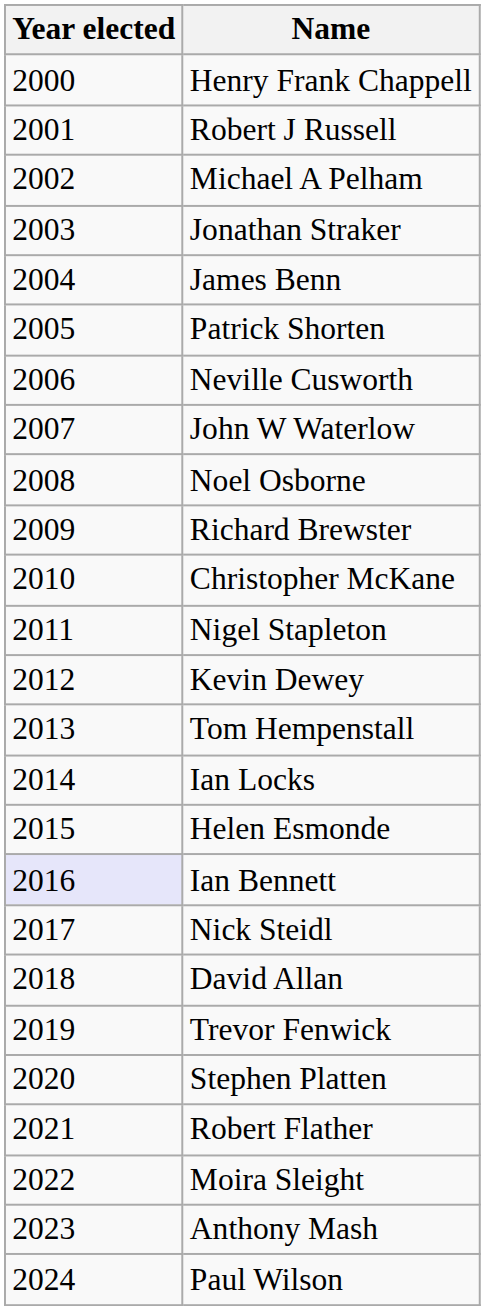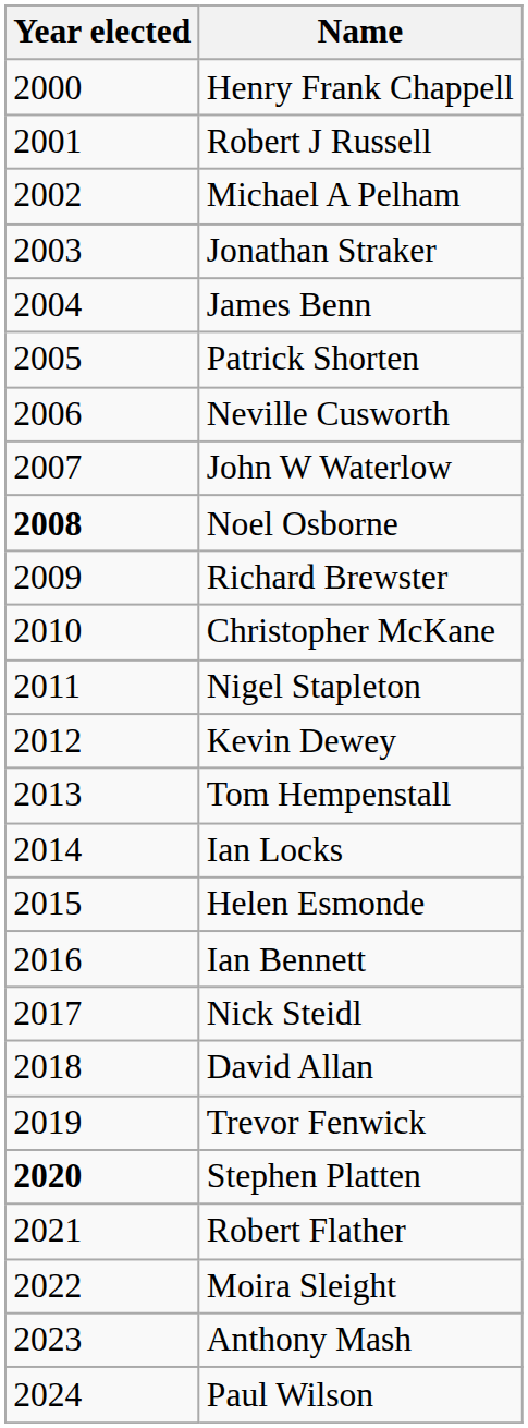 <table class="wikitable sortable">
 <tr>
 <th>Year elected</th>
 <th>Name</th>
 </tr>
 <tr>
 <td>2000</td>
 <td>Henry Frank Chappell</td>
 </tr>
 <tr>
 <td>2001</td>
 <td>Robert J Russell</td>
 </tr>
 <tr>
 <td>2002</td>
 <td>Michael A Pelham</td>
 </tr>
 <tr>
 <td>2003</td>
 <td>Jonathan Straker</td>
 </tr>
 <tr>
 <td>2004</td>
 <td>James Benn</td>
 </tr>
 <tr>
 <td>2005</td>
 <td>Patrick Shorten</td>
 </tr>
 <tr>
 <td>2006</td>
 <td>Neville Cusworth</td>
 </tr>
 <tr>
 <td>2007</td>
 <td>John W Waterlow</td>
 </tr>
 <tr>
-<td>2008</td>
+<td><strong>2008</strong></td>
 <td>Noel Osborne</td>
 </tr>
 <tr>
 <td>2009</td>
 <td>Richard Brewster</td>
 </tr>
 <tr>
 <td>2010</td>
 <td>Christopher McKane</td>
 </tr>
 <tr>
 <td>2011</td>
 <td>Nigel Stapleton</td>
 </tr>
 <tr>
 <td>2012</td>
 <td>Kevin Dewey</td>
 </tr>
 <tr>
 <td>2013</td>
 <td>Tom Hempenstall</td>
 </tr>
 <tr>
 <td>2014</td>
 <td>Ian Locks</td>
 </tr>
 <tr>
 <td>2015</td>
 <td>Helen Esmonde</td>
 </tr>
 <tr>
-<td style="background: lavender;">2016</td>
+<td>2016</td>
 <td>Ian Bennett</td>
 </tr>
 <tr>
 <td>2017</td>
 <td>Nick Steidl</td>
 </tr>
 <tr>
 <td>2018</td>
 <td>David Allan</td>
 </tr>
 <tr>
 <td>2019</td>
 <td>Trevor Fenwick</td>
 </tr>
 <tr>
-<td>2020</td>
+<td><strong>2020</strong></td>
 <td>Stephen Platten</td>
 </tr>
 <tr>
 <td>2021</td>
 <td>Robert Flather</td>
 </tr>
 <tr>
 <td>2022</td>
 <td>Moira Sleight</td>
 </tr>
 <tr>
 <td>2023</td>
 <td>Anthony Mash</td>
 </tr>
 <tr>
 <td>2024</td>
 <td>Paul Wilson</td>
 </tr>
 </table>
